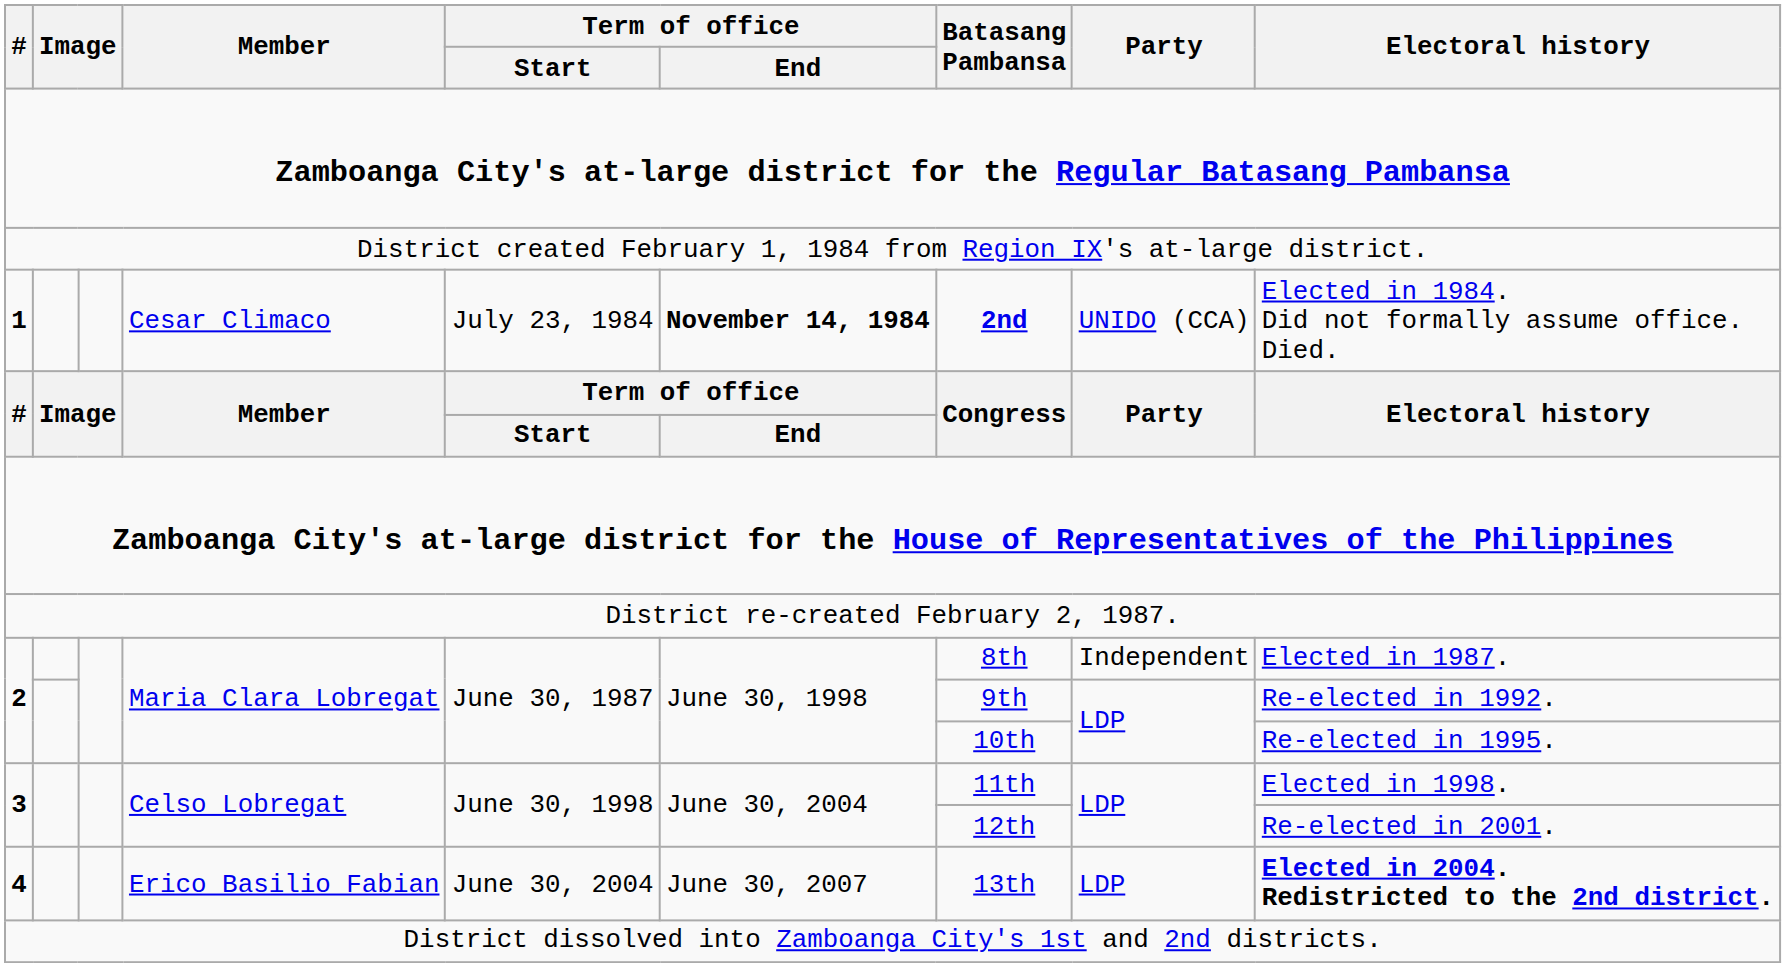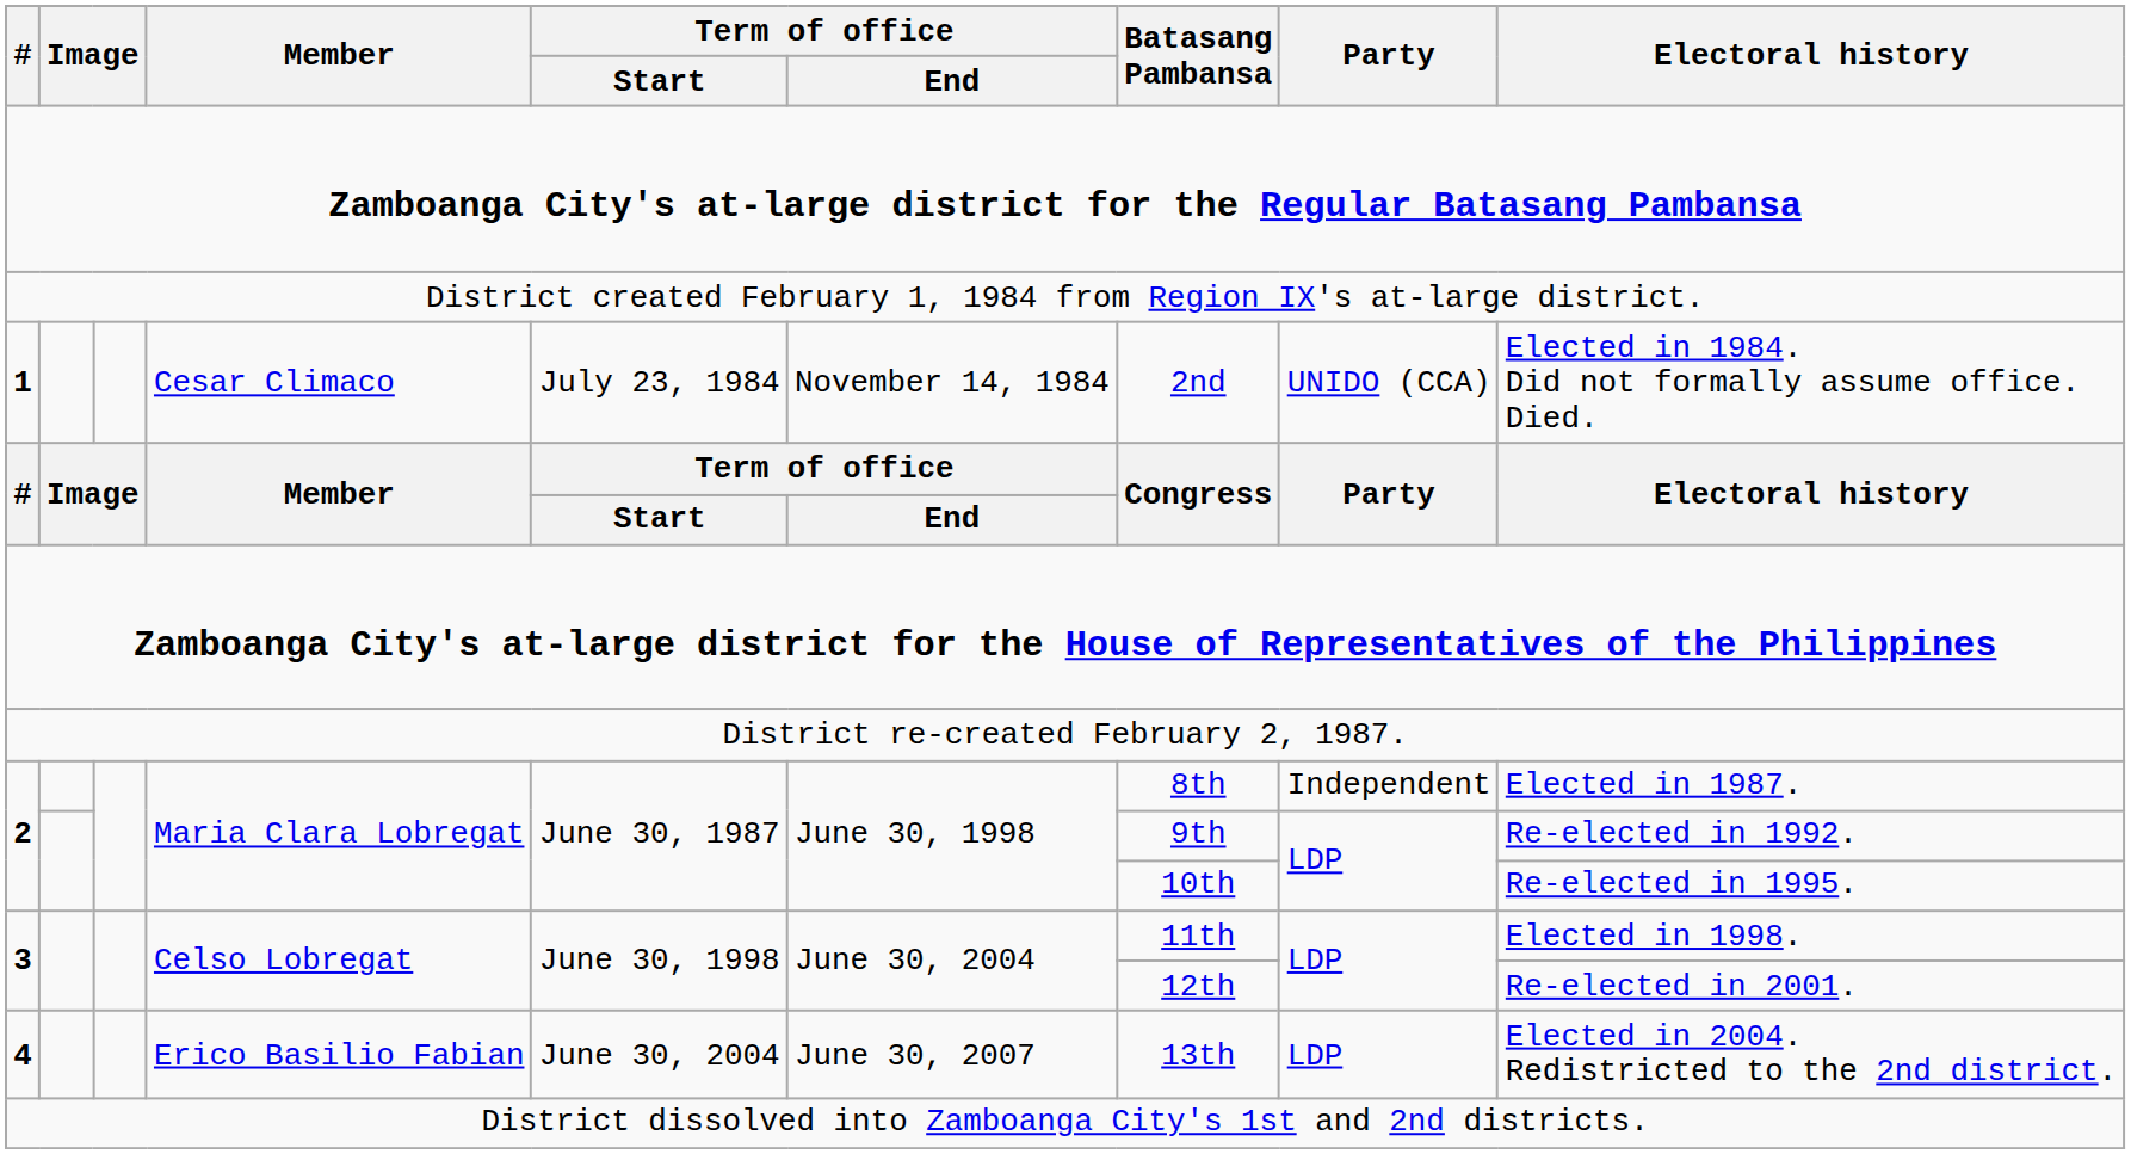 <table class=wikitable>
 <tr>
 <th rowspan="2">#</th>
 <th rowspan="2" colspan=2>Image</th>
 <th rowspan="2">Member</th>
 <th colspan=2>Term of office</th>
 <th rowspan="2">Batasang<br>Pambansa</th>
 <th rowspan="2">Party</th>
 <th rowspan="2">Electoral history</th>
 </tr>
 <tr>
 <th>Start</th>
 <th>End</th>
 </tr>
 <tr>
 <td colspan="9" style="text-align:center;"><br><h3>Zamboanga City's at-large district for the <a href='#'>Regular Batasang Pambansa</a></h3></td>
 </tr>
 <tr>
 <td colspan="9" style="text-align:center;">District created February 1, 1984 from <a href='#'>Region IX</a>'s at-large district.</td>
 </tr>
 <tr>
 <td style="text-align:center;"><strong>1</strong></td>
 <td style="color:inherit;background:"></td>
 <td></td>
 <td><a href='#'>Cesar Climaco</a></td>
 <td>July 23, 1984</td>
-<td><strong>November 14, 1984</strong></td>
-<td style="text-align:center;"><strong><a href='#'>2nd</a></strong></td>
+<td>November 14, 1984</td>
+<td style="text-align:center;"><a href='#'>2nd</a></td>
 <td><a href='#'>UNIDO</a> (CCA)</td>
 <td><a href='#'>Elected in 1984</a>.<br>Did not formally assume office.<br>Died.</td>
 </tr>
 <tr>
 <th rowspan="2">#</th>
 <th rowspan="2" colspan=2>Image</th>
 <th rowspan="2">Member</th>
 <th colspan=2>Term of office</th>
 <th rowspan="2">Congress</th>
 <th rowspan="2">Party</th>
 <th rowspan="2">Electoral history</th>
 </tr>
 <tr>
 <th>Start</th>
 <th>End</th>
 </tr>
 <tr>
 <td colspan="9" style="text-align:center;"><br><h3>Zamboanga City's at-large district for the <a href='#'>House of Representatives of the Philippines</a></h3></td>
 </tr>
 <tr>
 <td colspan="9" style="text-align:center;">District re-created February 2, 1987.</td>
 </tr>
 <tr>
 <td rowspan="3" style="text-align:center;"><strong>2</strong></td>
 <td style="color:inherit;background:"></td>
 <td rowspan="3"></td>
 <td rowspan="3"><a href='#'>Maria Clara Lobregat</a></td>
 <td rowspan="3">June 30, 1987</td>
 <td rowspan="3">June 30, 1998</td>
 <td style="text-align:center;"><a href='#'>8th</a></td>
 <td>Independent</td>
 <td><a href='#'>Elected in 1987</a>.</td>
 </tr>
 <tr>
 <td rowspan="2" style="color:inherit;background:"></td>
 <td style="text-align:center;"><a href='#'>9th</a></td>
 <td rowspan="2"><a href='#'>LDP</a></td>
 <td><a href='#'>Re-elected in 1992</a>.</td>
 </tr>
 <tr>
 <td style="text-align:center;"><a href='#'>10th</a></td>
 <td><a href='#'>Re-elected in 1995</a>.</td>
 </tr>
 <tr>
 <td rowspan="2" style="text-align:center;"><strong>3</strong></td>
 <td rowspan="2" style="color:inherit;background:"></td>
 <td rowspan="2"></td>
 <td rowspan="2"><a href='#'>Celso Lobregat</a></td>
 <td rowspan="2">June 30, 1998</td>
 <td rowspan="2">June 30, 2004</td>
 <td style="text-align:center;"><a href='#'>11th</a></td>
 <td rowspan="2"><a href='#'>LDP</a></td>
 <td><a href='#'>Elected in 1998</a>.</td>
 </tr>
 <tr>
 <td style="text-align:center;"><a href='#'>12th</a></td>
 <td><a href='#'>Re-elected in 2001</a>.</td>
 </tr>
 <tr>
 <td style="text-align:center;"><strong>4</strong></td>
 <td style="color:inherit;background:"></td>
 <td></td>
 <td><a href='#'>Erico Basilio Fabian</a></td>
 <td>June 30, 2004</td>
 <td>June 30, 2007</td>
 <td style="text-align:center;"><a href='#'>13th</a></td>
 <td><a href='#'>LDP</a></td>
-<td><strong><a href='#'>Elected in 2004</a>.<br>Redistricted to the <a href='#'>2nd district</a>.</strong></td>
+<td><a href='#'>Elected in 2004</a>.<br>Redistricted to the <a href='#'>2nd district</a>.</td>
 </tr>
 <tr>
 <td colspan="9" style="text-align:center;">District dissolved into <a href='#'>Zamboanga City's 1st</a> and <a href='#'>2nd</a> districts.</td>
 </tr>
 </table>
